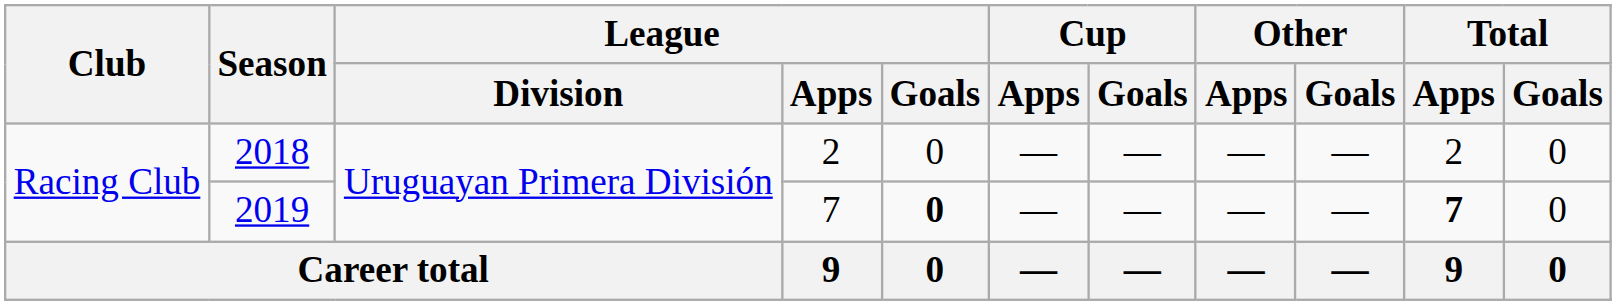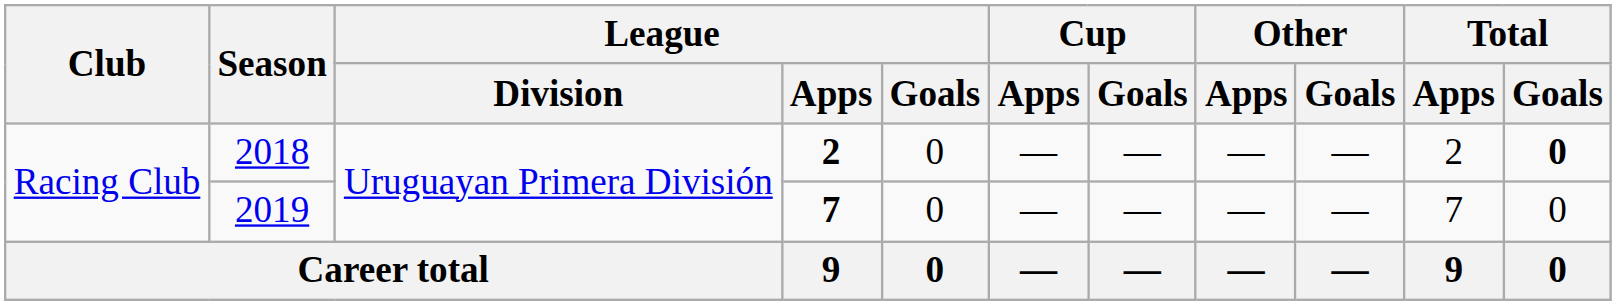 <table class=wikitable style=text-align:center>
 <tr>
 <th rowspan=2>Club</th>
 <th rowspan=2>Season</th>
 <th colspan=3>League</th>
 <th colspan=2>Cup</th>
 <th colspan=2>Other</th>
 <th colspan=2>Total</th>
 </tr>
 <tr>
 <th>Division</th>
 <th>Apps</th>
 <th>Goals</th>
 <th>Apps</th>
 <th>Goals</th>
 <th>Apps</th>
 <th>Goals</th>
 <th>Apps</th>
 <th>Goals</th>
 </tr>
 <tr>
 <td rowspan=2><a href='#'>Racing Club</a></td>
 <td><a href='#'>2018</a></td>
 <td rowspan=2><a href='#'>Uruguayan Primera División</a></td>
-<td>2</td>
+<td><strong>2</strong></td>
 <td>0</td>
 <td>—</td>
 <td>—</td>
 <td>—</td>
 <td>—</td>
 <td>2</td>
-<td>0</td>
+<td><strong>0</strong></td>
 </tr>
 <tr>
 <td><a href='#'>2019</a></td>
-<td>7</td>
-<td><strong>0</strong></td>
+<td><strong>7</strong></td>
+<td>0</td>
 <td>—</td>
 <td>—</td>
 <td>—</td>
 <td>—</td>
-<td><strong>7</strong></td>
+<td>7</td>
 <td>0</td>
 </tr>
 <tr>
 <th colspan=3>Career total</th>
 <th>9</th>
 <th>0</th>
 <th>—</th>
 <th>—</th>
 <th>—</th>
 <th>—</th>
 <th>9</th>
 <th>0</th>
 </tr>
 </table>
